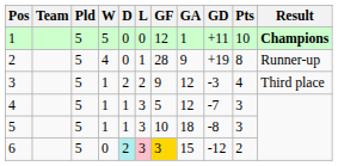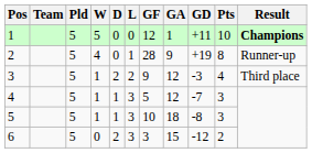 <table class="wikitable sortable" style=" text-align"center;">
 <tr>
 <th>Pos</th>
 <th>Team</th>
 <th>Pld</th>
 <th>W</th>
 <th>D</th>
 <th>L</th>
 <th>GF</th>
 <th>GA</th>
 <th>GD</th>
 <th>Pts</th>
 <th>Result</th>
 </tr>
 <tr bgcolor="#CCFFCC">
 <td>1</td>
 <td></td>
 <td>5</td>
 <td>5</td>
 <td>0</td>
 <td>0</td>
 <td>12</td>
 <td>1</td>
 <td>+11</td>
 <td>10</td>
 <td><strong>Champions</strong></td>
 </tr>
 <tr>
 <td>2</td>
 <td></td>
 <td>5</td>
 <td>4</td>
 <td>0</td>
 <td>1</td>
 <td>28</td>
 <td>9</td>
 <td>+19</td>
 <td>8</td>
 <td>Runner-up</td>
 </tr>
 <tr>
 <td>3</td>
 <td></td>
 <td>5</td>
 <td>1</td>
 <td>2</td>
 <td>2</td>
 <td>9</td>
 <td>12</td>
 <td>-3</td>
 <td>4</td>
 <td>Third place</td>
 </tr>
 <tr>
 <td>4</td>
 <td></td>
 <td>5</td>
 <td>1</td>
 <td>1</td>
 <td>3</td>
 <td>5</td>
 <td>12</td>
 <td>-7</td>
 <td>3</td>
 <td rowspan="3"></td>
 </tr>
 <tr>
 <td>5</td>
 <td></td>
 <td>5</td>
 <td>1</td>
 <td>1</td>
 <td>3</td>
 <td>10</td>
 <td>18</td>
 <td>-8</td>
 <td>3</td>
 </tr>
 <tr>
 <td>6</td>
 <td></td>
 <td>5</td>
 <td>0</td>
-<td style="background: paleturquoise;">2</td>
-<td style="background: pink;">3</td>
-<td style="background: gold;">3</td>
+<td>2</td>
+<td>3</td>
+<td>3</td>
 <td>15</td>
 <td>-12</td>
 <td>2</td>
 </tr>
 </table>
